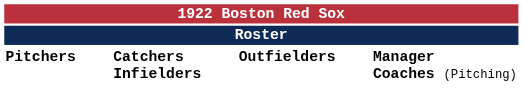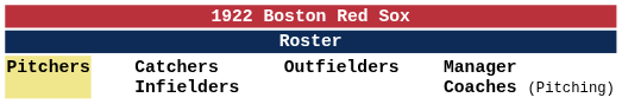 <table class="toccolours" style="text-align: left;">
 <tr>
 <th colspan="10" style="background-color: #ba313c; color: white; text-align: center;">1922 Boston Red Sox</th>
 </tr>
 <tr>
 <td colspan="10" style="background-color: #0d2b56; color: white; text-align: center;"><strong>Roster</strong></td>
 </tr>
 <tr>
-<td valign="top"><strong>Pitchers</strong><br>         </td>
+<td valign="top" style="background: khaki;"><strong>Pitchers</strong><br>         </td>
 <td width="25px"></td>
 <td valign="top"><strong>Catchers</strong><br>    <strong>Infielders</strong>         </td>
 <td width="25px"></td>
 <td valign="top"><strong>Outfielders</strong><br>      </td>
 <td width="25px"></td>
 <td valign="top"><strong>Manager</strong><br> <strong>Coaches</strong>  <small>(Pitching)</small></td>
 </tr>
 <tr>
 </tr>
 </table>
